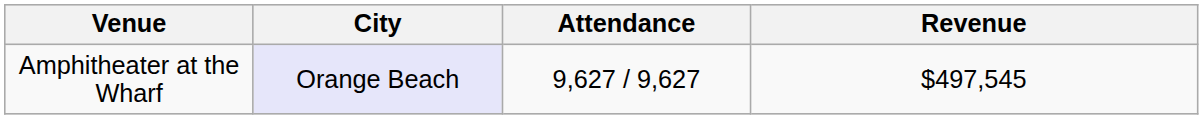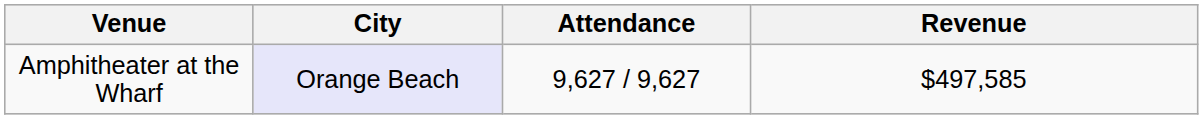 <table class="wikitable" style="text-align:center;">
 <tr>
 <th style="width:150px;">Venue</th>
 <th style="width:150px;">City</th>
 <th style="width:150px;">Attendance</th>
 <th style="width:275px;">Revenue</th>
 </tr>
 <tr>
 <td>Amphitheater at the Wharf</td>
 <td style="background: lavender;">Orange Beach</td>
 <td>9,627 / 9,627</td>
-<td>$497,545</td>
+<td>$497,585</td>
 </tr>
 </table>
